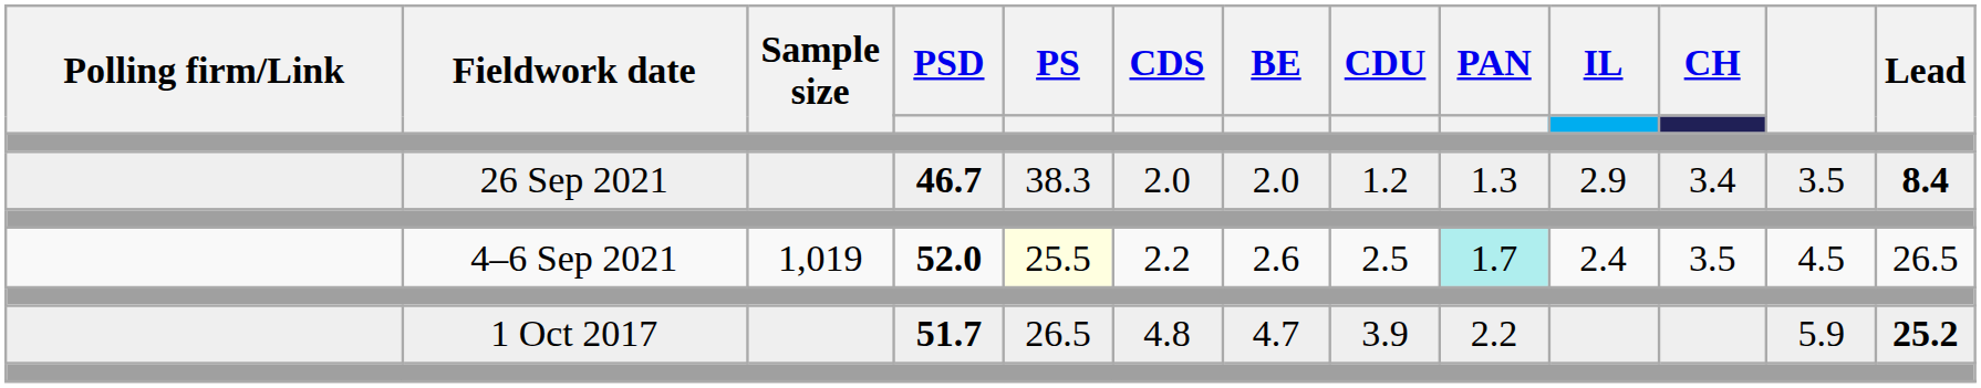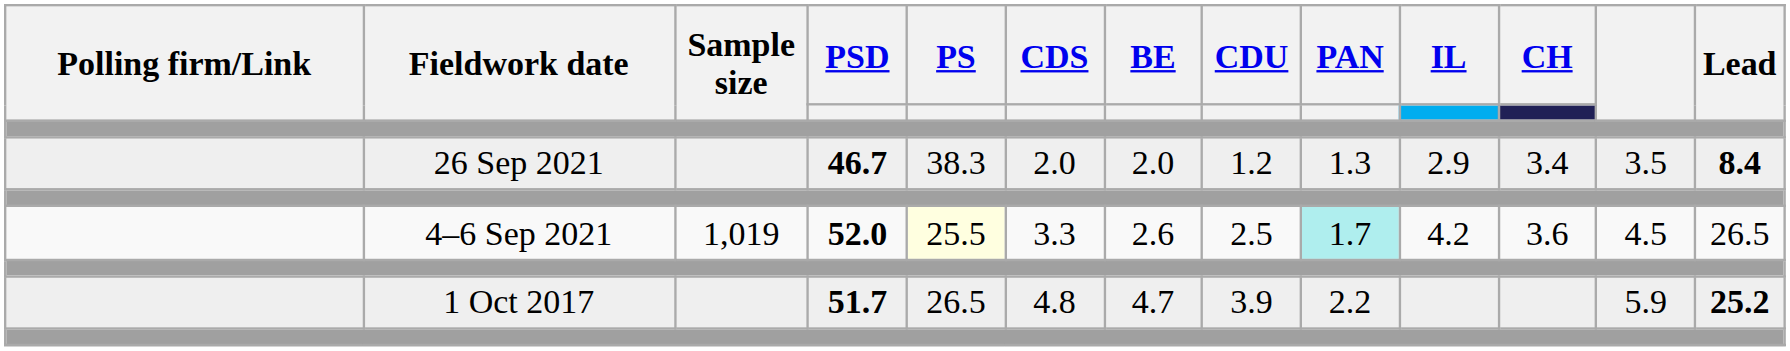 <table class="wikitable sortable mw-datatable" style="text-align:center;font-size:90%;line-height:16px;">
 <tr style="height:42px;">
 <th style="width:145px;" rowspan="2">Polling firm/Link</th>
 <th style="width:125px;" rowspan="2">Fieldwork date</th>
 <th class="unsortable" style="width:50px;" rowspan="2">Sample size</th>
 <th class="unsortable" style="width:35px;"><a href='#'>PSD</a></th>
 <th class="unsortable" style="width:35px;"><a href='#'>PS</a></th>
 <th class="unsortable" style="width:35px;"><a href='#'>CDS</a></th>
 <th class="unsortable" style="width:35px;"><a href='#'>BE</a></th>
 <th class="unsortable" style="width:35px;"><a href='#'>CDU</a></th>
 <th class="unsortable" style="width:35px;"><a href='#'>PAN</a></th>
 <th class="unsortable" style="width:35px;"><a href='#'>IL</a></th>
 <th class="unsortable" style="width:35px;"><a href='#'>CH</a></th>
 <th class="unsortable" style="width:35px;" rowspan="2"></th>
 <th class="unsortable" style="width:30px;" rowspan="2">Lead</th>
 </tr>
 <tr>
 <th class="unsortable" style="color:inherit;background:"></th>
 <th class="unsortable" style="color:inherit;background:"></th>
 <th class="unsortable" style="color:inherit;background:"></th>
 <th class="unsortable" style="color:inherit;background:"></th>
 <th class="unsortable" style="color:inherit;background:"></th>
 <th class="sortable" style="background:"></th>
 <th class="sortable" style="background:#00ADEF;"></th>
 <th class="sortable" style="background:#202056;"></th>
 </tr>
 <tr>
 <td colspan="13" style="background:#A0A0A0"></td>
 </tr>
 <tr style="background:#EFEFEF;">
 <td><strong></strong></td>
 <td data-sort-value="2019-10-06">26 Sep 2021</td>
 <td></td>
 <td><strong>46.7</strong><br></td>
 <td>38.3<br></td>
 <td>2.0<br></td>
 <td>2.0<br></td>
 <td>1.2<br></td>
 <td>1.3<br></td>
 <td>2.9<br></td>
 <td>3.4<br></td>
 <td>3.5</td>
 <td style="background:"><strong>8.4</strong></td>
 </tr>
 <tr>
 <td colspan="13" style="background:#A0A0A0"></td>
 </tr>
 <tr>
 <td align="center"><br></td>
 <td align="center">4–6 Sep 2021</td>
 <td>1,019</td>
 <td align="center" ><strong>52.0</strong><br></td>
 <td align="center" style="background: lightyellow;">25.5<br></td>
-<td align="center">2.2<br></td>
+<td align="center">3.3<br></td>
 <td align="center">2.6<br></td>
 <td align="center">2.5<br></td>
 <td align="center" style="background: paleturquoise;">1.7<br></td>
-<td align="center">2.4<br></td>
-<td align="center">3.5<br></td>
+<td align="center">4.2<br></td>
+<td align="center">3.6<br></td>
 <td align="center">4.5<br></td>
 <td style="background:">26.5</td>
 </tr>
 <tr>
 <td colspan="13" style="background:#A0A0A0"></td>
 </tr>
 <tr style="background:#EFEFEF;">
 <td><strong></strong></td>
 <td data-sort-value="2019-10-06">1 Oct 2017</td>
 <td></td>
 <td><strong>51.7</strong><br></td>
 <td>26.5<br></td>
 <td>4.8<br></td>
 <td>4.7<br></td>
 <td>3.9<br></td>
 <td>2.2<br></td>
 <td></td>
 <td></td>
 <td>5.9</td>
 <td style="background:"><strong>25.2</strong></td>
 </tr>
 <tr>
 <td colspan="13" style="background:#A0A0A0"></td>
 </tr>
 <tr>
 </tr>
 </table>
